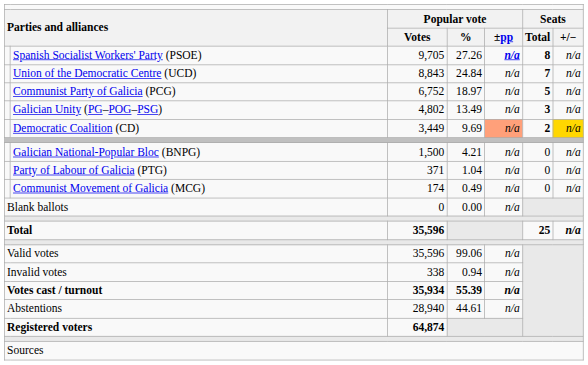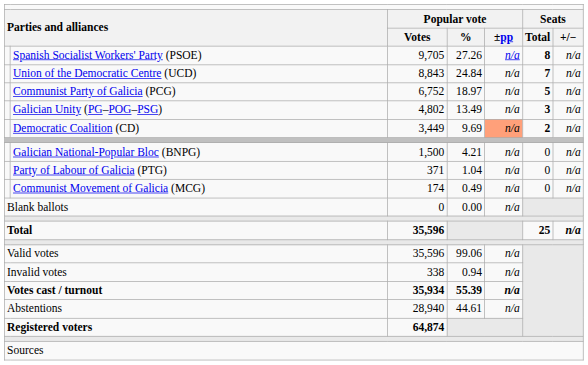 <table class="wikitable" style="text-align:right;">
 <tr>
 <td colspan="7"></td>
 </tr>
 <tr>
 <th style="text-align:left;" rowspan="2" colspan="2" width="525">Parties and alliances</th>
 <th colspan="3">Popular vote</th>
 <th colspan="2">Seats</th>
 </tr>
 <tr>
 <th width="75">Votes</th>
 <th width="45">%</th>
 <th width="45">±<a href='#'>pp</a></th>
 <th width="35">Total</th>
 <th width="35">+/−</th>
 </tr>
 <tr>
 <td width="1" style="color:inherit;background:"></td>
 <td align="left"><a href='#'>Spanish Socialist Workers' Party</a> (PSOE)</td>
 <td>9,705</td>
 <td>27.26</td>
-<td><strong><em><a href='#'>n/a</a></em></strong></td>
+<td><em><a href='#'>n/a</a></em></td>
 <td><strong>8</strong></td>
 <td><em>n/a</em></td>
 </tr>
 <tr>
 <td style="color:inherit;background:"></td>
 <td align="left"><a href='#'>Union of the Democratic Centre</a> (UCD)</td>
 <td>8,843</td>
 <td>24.84</td>
 <td><em>n/a</em></td>
 <td><strong>7</strong></td>
 <td><em>n/a</em></td>
 </tr>
 <tr>
 <td style="color:inherit;background:"></td>
 <td align="left"><a href='#'>Communist Party of Galicia</a> (PCG)</td>
 <td>6,752</td>
 <td>18.97</td>
 <td><em>n/a</em></td>
 <td><strong>5</strong></td>
 <td><em>n/a</em></td>
 </tr>
 <tr>
 <td style="color:inherit;background:"></td>
 <td align="left"><a href='#'>Galician Unity</a> (<a href='#'>PG</a>–<a href='#'>POG</a>–<a href='#'>PSG</a>)</td>
 <td>4,802</td>
 <td>13.49</td>
 <td><em>n/a</em></td>
 <td><strong>3</strong></td>
 <td><em>n/a</em></td>
 </tr>
 <tr>
 <td style="color:inherit;background:"></td>
 <td align="left"><a href='#'>Democratic Coalition</a> (CD)</td>
 <td>3,449</td>
 <td>9.69</td>
 <td style="background: lightsalmon;"><em>n/a</em></td>
 <td><strong>2</strong></td>
-<td style="background: gold;"><em>n/a</em></td>
+<td><em>n/a</em></td>
 </tr>
 <tr>
 <td colspan="7" bgcolor="#C0C0C0"></td>
 </tr>
 <tr>
 <td style="color:inherit;background:"></td>
 <td align="left"><a href='#'>Galician National-Popular Bloc</a> (BNPG)</td>
 <td>1,500</td>
 <td>4.21</td>
 <td><em>n/a</em></td>
 <td>0</td>
 <td><em>n/a</em></td>
 </tr>
 <tr>
 <td style="color:inherit;background:"></td>
 <td align="left"><a href='#'>Party of Labour of Galicia</a> (PTG)</td>
 <td>371</td>
 <td>1.04</td>
 <td><em>n/a</em></td>
 <td>0</td>
 <td><em>n/a</em></td>
 </tr>
 <tr>
 <td style="color:inherit;background:"></td>
 <td align="left"><a href='#'>Communist Movement of Galicia</a> (MCG)</td>
 <td>174</td>
 <td>0.49</td>
 <td><em>n/a</em></td>
 <td>0</td>
 <td><em>n/a</em></td>
 </tr>
 <tr>
 <td align="left" colspan="2">Blank ballots</td>
 <td>0</td>
 <td>0.00</td>
 <td><em>n/a</em></td>
 <td bgcolor="#E9E9E9" colspan="2"></td>
 </tr>
 <tr>
 <td colspan="7" bgcolor="#E9E9E9"></td>
 </tr>
 <tr style="font-weight:bold;">
 <td align="left" colspan="2">Total</td>
 <td>35,596</td>
 <td bgcolor="#E9E9E9" colspan="2"></td>
 <td>25</td>
 <td><em>n/a</em></td>
 </tr>
 <tr>
 <td colspan="7" bgcolor="#E9E9E9"></td>
 </tr>
 <tr>
 <td align="left" colspan="2">Valid votes</td>
 <td>35,596</td>
 <td>99.06</td>
 <td><em>n/a</em></td>
 <td bgcolor="#E9E9E9" colspan="2" rowspan="5"></td>
 </tr>
 <tr>
 <td align="left" colspan="2">Invalid votes</td>
 <td>338</td>
 <td>0.94</td>
 <td><em>n/a</em></td>
 </tr>
 <tr style="font-weight:bold;">
 <td align="left" colspan="2">Votes cast / turnout</td>
 <td>35,934</td>
 <td>55.39</td>
 <td><em>n/a</em></td>
 </tr>
 <tr>
 <td align="left" colspan="2">Abstentions</td>
 <td>28,940</td>
 <td>44.61</td>
 <td><em>n/a</em></td>
 </tr>
 <tr style="font-weight:bold;">
 <td align="left" colspan="2">Registered voters</td>
 <td>64,874</td>
 <td bgcolor="#E9E9E9" colspan="2"></td>
 </tr>
 <tr>
 <td colspan="7" bgcolor="#E9E9E9"></td>
 </tr>
 <tr>
 <td align="left" colspan="7">Sources</td>
 </tr>
 </table>
